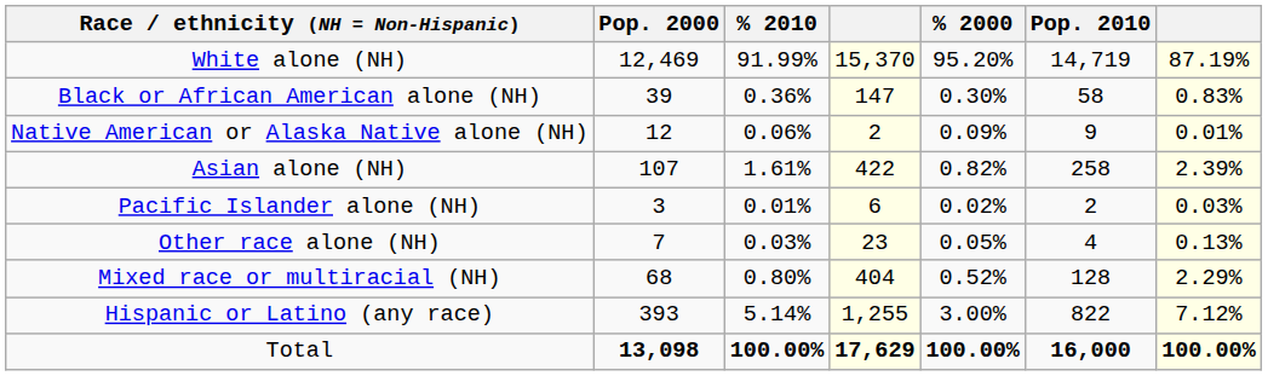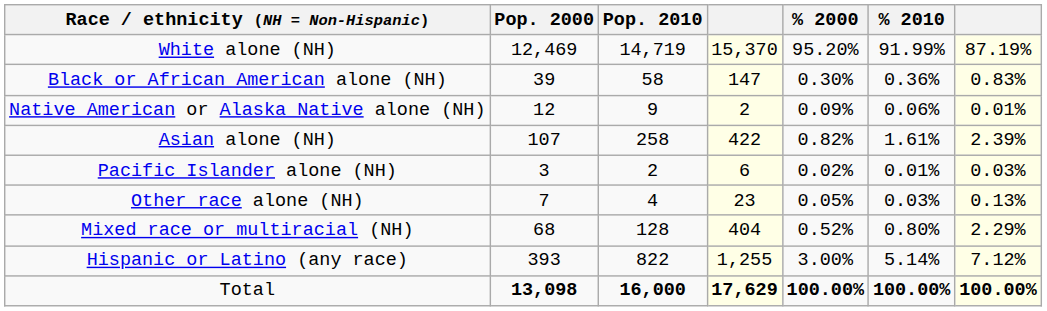 <table class="wikitable" style="text-align:center;">
 <tr>
 <th>Race / ethnicity <small>(<em>NH = Non-Hispanic</em>)</small></th>
 <th>Pop. 2000</th>
-<th>% 2010</th>
+<th>Pop. 2010</th>
 <th></th>
 <th>% 2000</th>
-<th>Pop. 2010</th>
+<th>% 2010</th>
 <th></th>
 </tr>
 <tr>
 <td><a href='#'>White</a> alone (NH)</td>
 <td>12,469</td>
-<td>91.99%</td>
+<td>14,719</td>
 <td style='background: #ffffe6;'>15,370</td>
 <td>95.20%</td>
-<td>14,719</td>
+<td>91.99%</td>
 <td style='background: #ffffe6;'>87.19%</td>
 </tr>
 <tr>
 <td><a href='#'>Black or African American</a> alone (NH)</td>
 <td>39</td>
-<td>0.36%</td>
+<td>58</td>
 <td style='background: #ffffe6;'>147</td>
 <td>0.30%</td>
-<td>58</td>
+<td>0.36%</td>
 <td style='background: #ffffe6;'>0.83%</td>
 </tr>
 <tr>
 <td><a href='#'>Native American</a> or <a href='#'>Alaska Native</a> alone (NH)</td>
 <td>12</td>
-<td>0.06%</td>
+<td>9</td>
 <td style='background: #ffffe6;'>2</td>
 <td>0.09%</td>
-<td>9</td>
+<td>0.06%</td>
 <td style='background: #ffffe6;'>0.01%</td>
 </tr>
 <tr>
 <td><a href='#'>Asian</a> alone (NH)</td>
 <td>107</td>
-<td>1.61%</td>
+<td>258</td>
 <td style='background: #ffffe6;'>422</td>
 <td>0.82%</td>
-<td>258</td>
+<td>1.61%</td>
 <td style='background: #ffffe6;'>2.39%</td>
 </tr>
 <tr>
 <td><a href='#'>Pacific Islander</a> alone (NH)</td>
 <td>3</td>
-<td>0.01%</td>
+<td>2</td>
 <td style='background: #ffffe6;'>6</td>
 <td>0.02%</td>
-<td>2</td>
+<td>0.01%</td>
 <td style='background: #ffffe6;'>0.03%</td>
 </tr>
 <tr>
 <td><a href='#'>Other race</a> alone (NH)</td>
 <td>7</td>
-<td>0.03%</td>
+<td>4</td>
 <td style='background: #ffffe6;'>23</td>
 <td>0.05%</td>
-<td>4</td>
+<td>0.03%</td>
 <td style='background: #ffffe6;'>0.13%</td>
 </tr>
 <tr>
 <td><a href='#'>Mixed race or multiracial</a> (NH)</td>
 <td>68</td>
-<td>0.80%</td>
+<td>128</td>
 <td style='background: #ffffe6;'>404</td>
 <td>0.52%</td>
-<td>128</td>
+<td>0.80%</td>
 <td style='background: #ffffe6;'>2.29%</td>
 </tr>
 <tr>
 <td><a href='#'>Hispanic or Latino</a> (any race)</td>
 <td>393</td>
-<td>5.14%</td>
+<td>822</td>
 <td style='background: #ffffe6;'>1,255</td>
 <td>3.00%</td>
-<td>822</td>
+<td>5.14%</td>
 <td style='background: #ffffe6;'>7.12%</td>
 </tr>
 <tr>
 <td>Total</td>
 <td><strong>13,098</strong></td>
-<td><strong>100.00%</strong></td>
+<td><strong>16,000</strong></td>
 <td style='background: #ffffe6;'><strong>17,629</strong></td>
 <td><strong>100.00%</strong></td>
-<td><strong>16,000</strong></td>
+<td><strong>100.00%</strong></td>
 <td style='background: #ffffe6;'><strong>100.00%</strong></td>
 </tr>
 </table>
